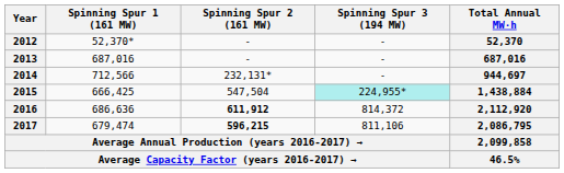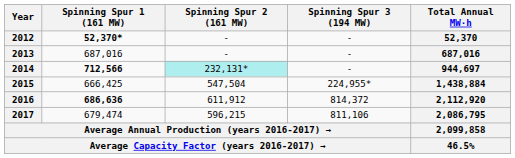 <table class=wikitable style="text-align:center; font-size:0.9em; width:650px;">
 <tr>
 <th>Year</th>
 <th>Spinning Spur 1<br> (161 MW) </th>
 <th>Spinning Spur 2<br> (161 MW) </th>
 <th>Spinning Spur 3<br> (194 MW) </th>
 <th>Total Annual<br><a href='#'>MW·h</a></th>
 </tr>
 <tr>
 <th>2012</th>
-<td>52,370*</td>
+<td><strong>52,370*</strong></td>
 <td>-</td>
 <td>-</td>
 <th>52,370</th>
 </tr>
 <tr>
 <th>2013</th>
 <td>687,016</td>
 <td>-</td>
 <td>-</td>
 <th>687,016</th>
 </tr>
 <tr>
 <th>2014</th>
-<td>712,566</td>
-<td>232,131*</td>
+<td><strong>712,566</strong></td>
+<td style="background: paleturquoise;">232,131*</td>
 <td>-</td>
 <th>944,697</th>
 </tr>
 <tr>
 <th>2015</th>
 <td>666,425</td>
 <td>547,504</td>
-<td style="background: paleturquoise;">224,955*</td>
+<td>224,955*</td>
 <th>1,438,884</th>
 </tr>
 <tr>
 <th>2016</th>
-<td>686,636</td>
-<td><strong>611,912</strong></td>
+<td><strong>686,636</strong></td>
+<td>611,912</td>
 <td>814,372</td>
 <th>2,112,920</th>
 </tr>
 <tr>
 <th>2017</th>
 <td>679,474</td>
-<td><strong>596,215</strong></td>
+<td>596,215</td>
 <td>811,106</td>
 <th>2,086,795</th>
 </tr>
 <tr>
 <th colspan=4>Average Annual Production (years 2016-2017) →</th>
 <th>2,099,858</th>
 </tr>
 <tr>
 <th colspan=4>Average <a href='#'>Capacity Factor</a> (years 2016-2017) →</th>
 <th>46.5%</th>
 </tr>
 </table>
